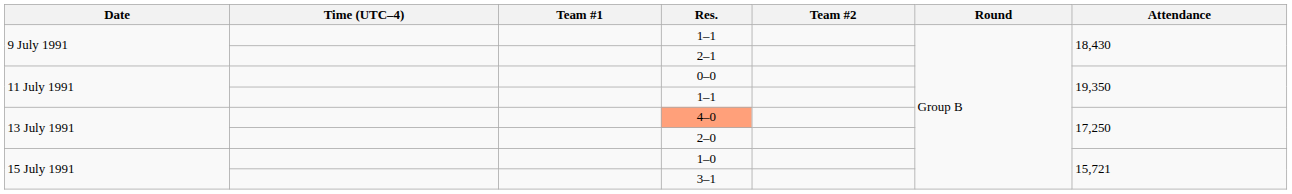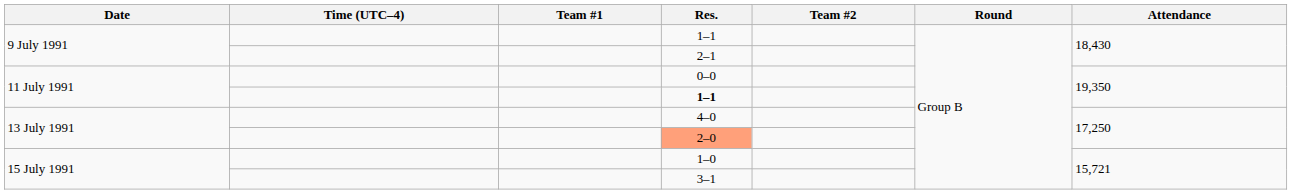 <table class="wikitable" style="text-align: left;" width="100%">
 <tr>
 <th>Date</th>
 <th>Time (UTC–4)</th>
 <th>Team #1</th>
 <th>Res.</th>
 <th>Team #2</th>
 <th>Round</th>
 <th>Attendance</th>
 </tr>
 <tr>
 <td rowspan="2">9 July 1991</td>
 <td></td>
 <td></td>
 <td style="text-align:center;">1–1</td>
 <td></td>
 <td rowspan="8">Group B</td>
 <td rowspan="2">18,430</td>
 </tr>
 <tr>
 <td></td>
 <td></td>
 <td style="text-align:center;">2–1</td>
 <td></td>
 </tr>
 <tr>
 <td rowspan="2">11 July 1991</td>
 <td></td>
 <td></td>
 <td style="text-align:center;">0–0</td>
 <td></td>
 <td rowspan="2">19,350</td>
 </tr>
 <tr>
 <td></td>
 <td></td>
-<td style="text-align:center;">1–1</td>
+<td style="text-align:center;"><strong>1–1</strong></td>
 <td></td>
 </tr>
 <tr>
 <td rowspan="2">13 July 1991</td>
 <td></td>
 <td></td>
-<td style="background: lightsalmon; text-align:center;">4–0</td>
+<td style="text-align:center;">4–0</td>
 <td></td>
 <td rowspan="2">17,250</td>
 </tr>
 <tr>
 <td></td>
 <td></td>
-<td style="text-align:center;">2–0</td>
+<td style="background: lightsalmon; text-align:center;">2–0</td>
 <td></td>
 </tr>
 <tr>
 <td rowspan="2">15 July 1991</td>
 <td></td>
 <td></td>
 <td style="text-align:center;">1–0</td>
 <td></td>
 <td rowspan="2">15,721</td>
 </tr>
 <tr>
 <td></td>
 <td></td>
 <td style="text-align:center;">3–1</td>
 <td></td>
 </tr>
 </table>
